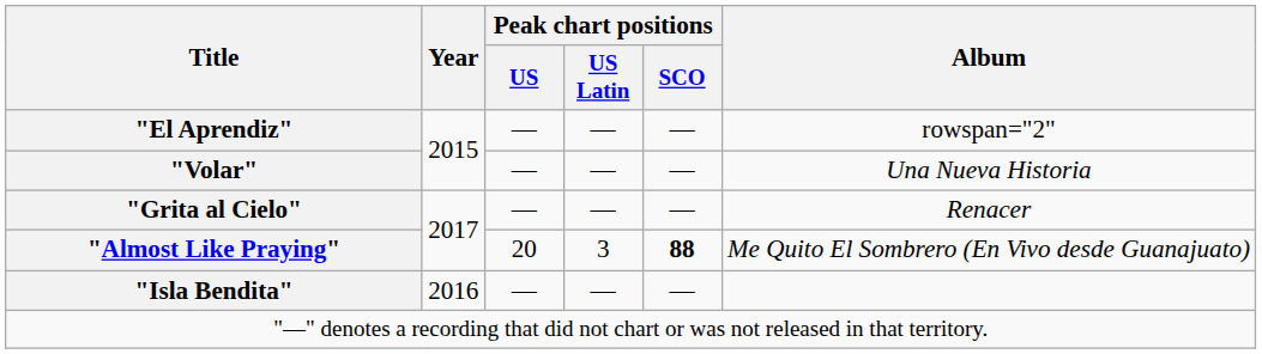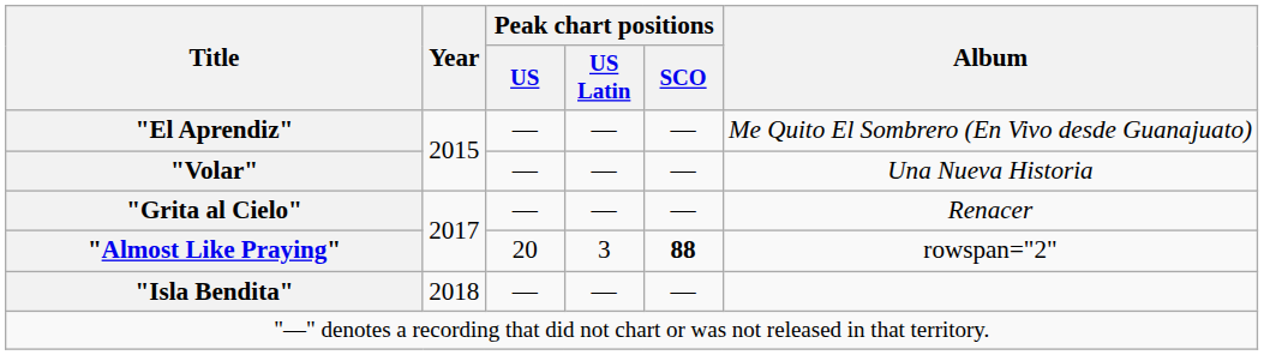 <table class="wikitable plainrowheaders" style="text-align:center;">
 <tr>
 <th scope="col" rowspan="2" style="width:16em;">Title</th>
 <th scope="col" rowspan="2">Year</th>
 <th scope="col" colspan="3">Peak chart positions</th>
 <th scope="col" rowspan="2">Album</th>
 </tr>
 <tr>
 <th scope="col" style="width:3em;font-size:90%;"><a href='#'>US</a><br></th>
 <th scope="col" style="width:3em;font-size:90%;"><a href='#'>US<br>Latin</a><br></th>
 <th scope="col" style="width:3em;font-size:90%;"><a href='#'>SCO</a><br></th>
 </tr>
 <tr>
 <th scope="row">"El Aprendiz"<br></th>
 <td rowspan="2">2015</td>
 <td>—</td>
 <td>—</td>
 <td>—</td>
-<td>rowspan="2" </td>
+<td><em>Me Quito El Sombrero (En Vivo desde Guanajuato)</em></td>
 </tr>
 <tr>
 <th scope="row">"Volar"<br></th>
 <td>—</td>
 <td>—</td>
 <td>—</td>
 <td><em>Una Nueva Historia</em></td>
 </tr>
 <tr>
 <th scope="row">"Grita al Cielo"<br></th>
 <td rowspan="2">2017</td>
 <td>—</td>
 <td>—</td>
 <td>—</td>
 <td><em>Renacer</em></td>
 </tr>
 <tr>
 <th scope="row">"<a href='#'>Almost Like Praying</a>"<br></th>
 <td>20</td>
 <td>3</td>
 <td><strong>88</strong></td>
-<td><em>Me Quito El Sombrero (En Vivo desde Guanajuato)</em></td>
+<td>rowspan="2" </td>
 </tr>
 <tr>
 <th scope="row">"Isla Bendita"<br></th>
-<td>2016</td>
+<td>2018</td>
 <td>—</td>
 <td>—</td>
 <td>—</td>
 </tr>
 <tr>
 <td colspan="14" style="font-size:90%">"—" denotes a recording that did not chart or was not released in that territory.</td>
 </tr>
 </table>
